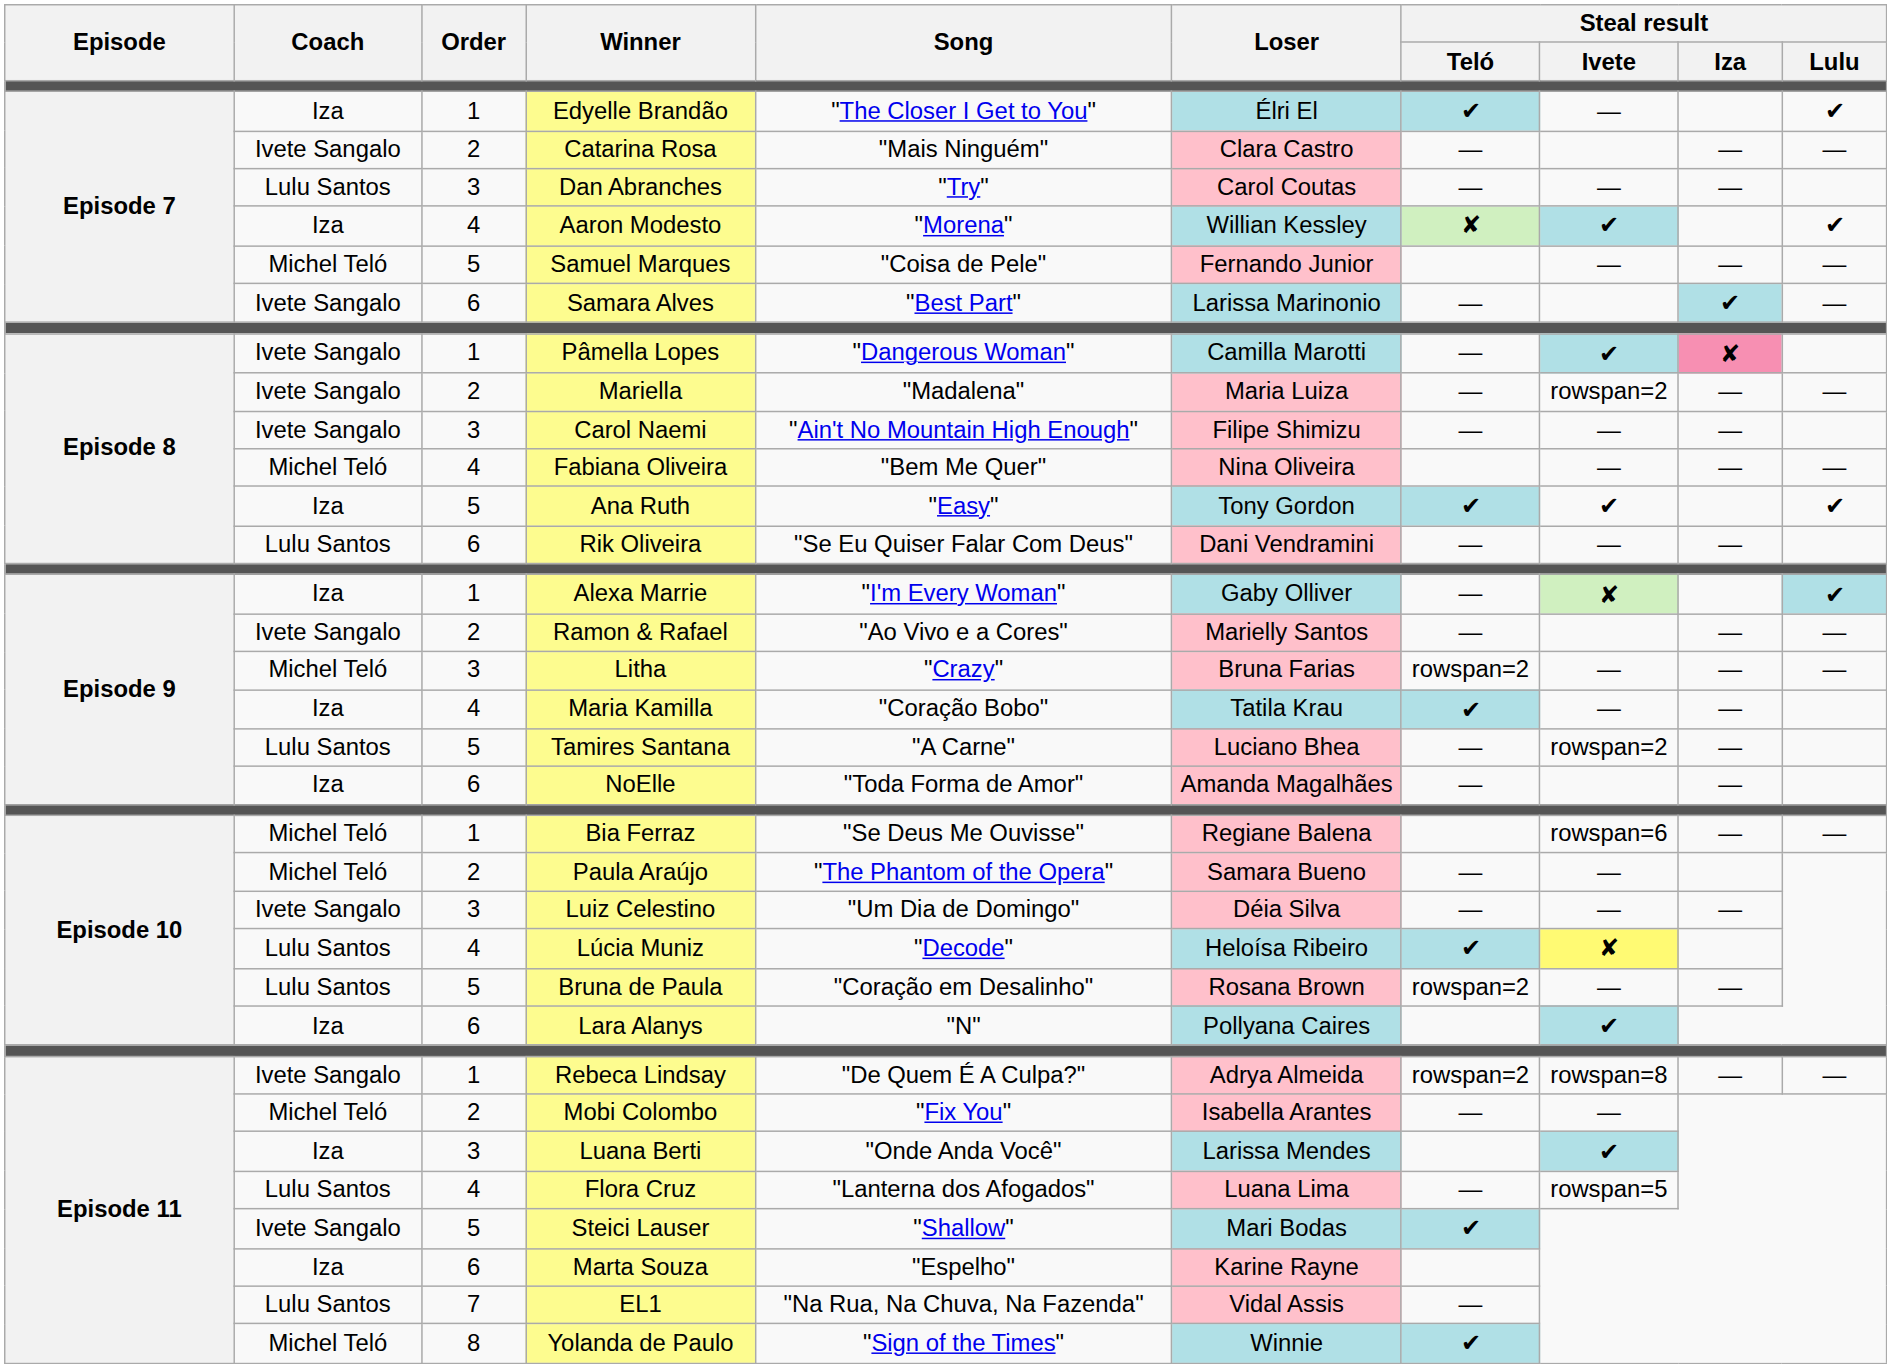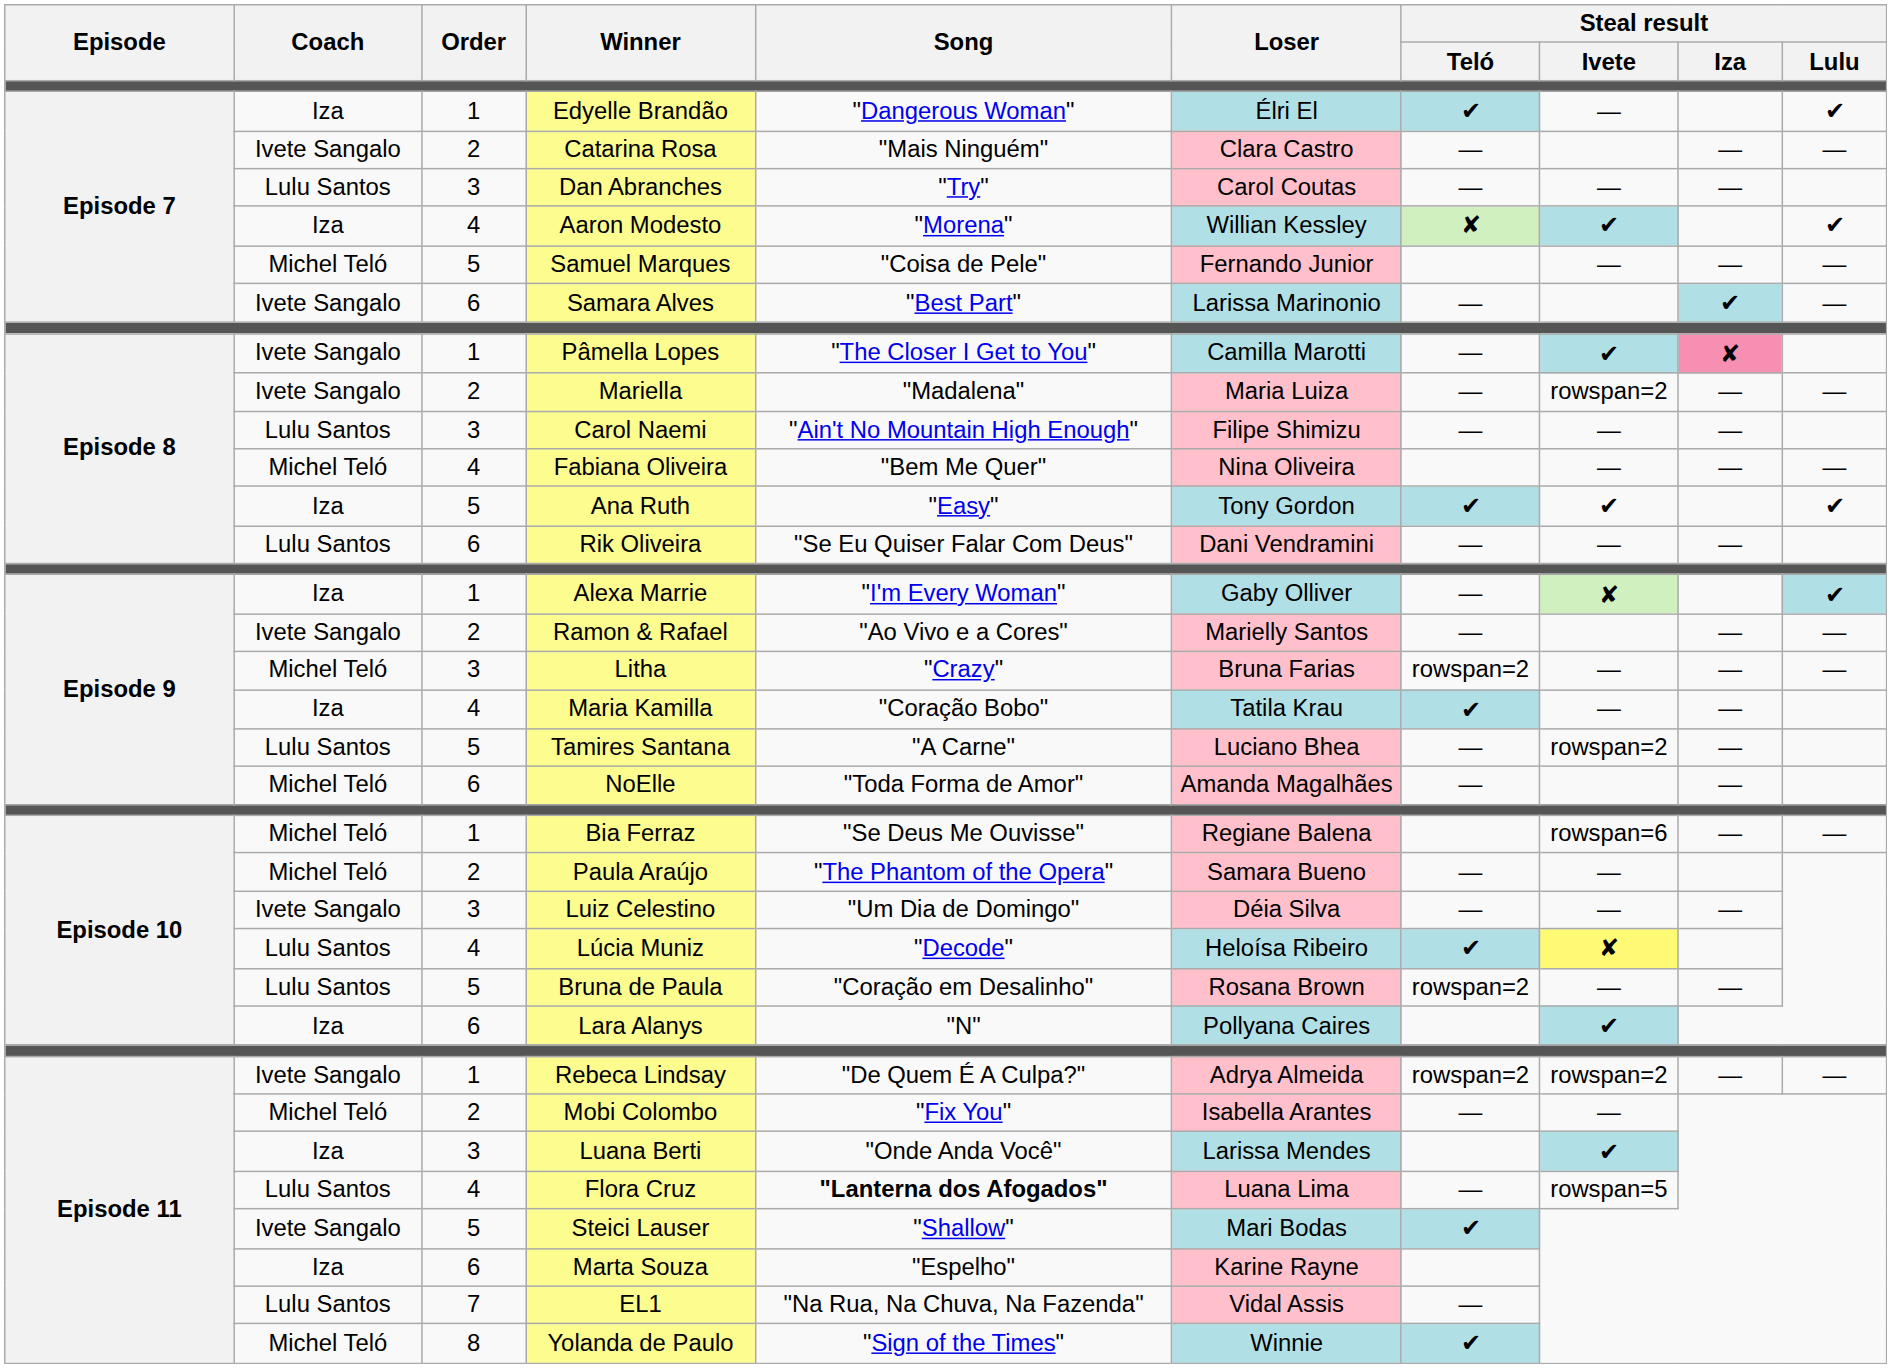 <table class="wikitable" style="text-align:center; width:100%;">
 <tr>
 <th scope="col" width="11%" rowspan=2>Episode</th>
 <th scope="col" width="09%" rowspan=2>Coach</th>
 <th scope="col" width="05%" rowspan=2>Order</th>
 <th scope="col" width="11%" rowspan=2>Winner</th>
 <th scope="col" width="20%" rowspan=2>Song</th>
 <th scope="col" width="11%" rowspan=2>Loser</th>
 <th scope="col" width="20%" colspan=4>Steal result</th>
 </tr>
 <tr>
 <th width="5%" scope="col">Teló</th>
 <th width="5%" scope="col">Ivete</th>
 <th width="5%" scope="col">Iza</th>
 <th width="5%" scope="col">Lulu</th>
 </tr>
 <tr>
 <td colspan=10 style="background:#555;"></td>
 </tr>
 <tr>
 <th rowspan=6>Episode 7<br></th>
 <td>Iza</td>
 <td>1</td>
 <td bgcolor=FDFC8F>Edyelle Brandão</td>
-<td>"<a href='#'>The Closer I Get to You</a>"</td>
+<td>"<a href='#'>Dangerous Woman</a>"</td>
 <td bgcolor=B0E0E6>Élri El</td>
 <td bgcolor=B0E0E6>✔</td>
 <td>—</td>
 <td></td>
 <td>✔</td>
 </tr>
 <tr>
 <td>Ivete Sangalo</td>
 <td>2</td>
 <td bgcolor=FDFC8F>Catarina Rosa</td>
 <td>"Mais Ninguém"</td>
 <td bgcolor=FFC0CB>Clara Castro</td>
 <td>—</td>
 <td></td>
 <td>—</td>
 <td>—</td>
 </tr>
 <tr>
 <td>Lulu Santos</td>
 <td>3</td>
 <td bgcolor=FDFC8F>Dan Abranches</td>
 <td>"<a href='#'>Try</a>"</td>
 <td bgcolor=FFC0CB>Carol Coutas</td>
 <td>—</td>
 <td>—</td>
 <td>—</td>
 <td></td>
 </tr>
 <tr>
 <td>Iza</td>
 <td>4</td>
 <td bgcolor=FDFC8F>Aaron Modesto</td>
 <td>"<a href='#'>Morena</a>"</td>
 <td bgcolor=B0E0E6>Willian Kessley</td>
 <td bgcolor=D0F0C0>✘</td>
 <td bgcolor=B0E0E6>✔</td>
 <td></td>
 <td>✔</td>
 </tr>
 <tr>
 <td>Michel Teló</td>
 <td>5</td>
 <td bgcolor=FDFC8F>Samuel Marques</td>
 <td>"Coisa de Pele"</td>
 <td bgcolor=FFC0CB>Fernando Junior</td>
 <td></td>
 <td>—</td>
 <td>—</td>
 <td>—</td>
 </tr>
 <tr>
 <td>Ivete Sangalo</td>
 <td>6</td>
 <td bgcolor=FDFC8F>Samara Alves</td>
 <td>"<a href='#'>Best Part</a>"</td>
 <td bgcolor=B0E0E6>Larissa Marinonio</td>
 <td>—</td>
 <td></td>
 <td bgcolor=B0E0E6>✔</td>
 <td>—</td>
 </tr>
 <tr>
 <td colspan=10 style="background:#555;"></td>
 </tr>
 <tr>
 <th rowspan=6>Episode 8<br></th>
 <td>Ivete Sangalo</td>
 <td>1</td>
 <td bgcolor=FDFC8F>Pâmella Lopes</td>
-<td>"<a href='#'>Dangerous Woman</a>"</td>
+<td>"<a href='#'>The Closer I Get to You</a>"</td>
 <td bgcolor=B0E0E6>Camilla Marotti</td>
 <td>—</td>
 <td bgcolor=B0E0E6>✔</td>
 <td bgcolor=F78FB2>✘</td>
 <td></td>
 </tr>
 <tr>
 <td>Ivete Sangalo</td>
 <td>2</td>
 <td bgcolor=FDFC8F>Mariella</td>
 <td>"Madalena"</td>
 <td bgcolor=FFC0CB>Maria Luiza</td>
 <td>—</td>
 <td>rowspan=2 </td>
 <td>—</td>
 <td>—</td>
 </tr>
 <tr>
-<td>Ivete Sangalo</td>
+<td>Lulu Santos</td>
 <td>3</td>
 <td bgcolor=FDFC8F>Carol Naemi</td>
 <td>"<a href='#'>Ain't No Mountain High Enough</a>"</td>
 <td bgcolor=FFC0CB>Filipe Shimizu</td>
 <td>—</td>
 <td>—</td>
 <td>—</td>
 </tr>
 <tr>
 <td>Michel Teló</td>
 <td>4</td>
 <td bgcolor=FDFC8F>Fabiana Oliveira</td>
 <td>"Bem Me Quer"</td>
 <td bgcolor=FFC0CB>Nina Oliveira</td>
 <td></td>
 <td>—</td>
 <td>—</td>
 <td>—</td>
 </tr>
 <tr>
 <td>Iza</td>
 <td>5</td>
 <td bgcolor=FDFC8F>Ana Ruth</td>
 <td>"<a href='#'>Easy</a>"</td>
 <td bgcolor=B0E0E6>Tony Gordon</td>
 <td bgcolor=B0E0E6>✔</td>
 <td>✔</td>
 <td></td>
 <td>✔</td>
 </tr>
 <tr>
 <td>Lulu Santos</td>
 <td>6</td>
 <td bgcolor=FDFC8F>Rik Oliveira</td>
 <td>"Se Eu Quiser Falar Com Deus"</td>
 <td bgcolor=FFC0CB>Dani Vendramini</td>
 <td>—</td>
 <td>—</td>
 <td>—</td>
 <td></td>
 </tr>
 <tr>
 <td colspan=10 style="background:#555;"></td>
 </tr>
 <tr>
 <th rowspan=6>Episode 9<br></th>
 <td>Iza</td>
 <td>1</td>
 <td bgcolor=FDFC8F>Alexa Marrie</td>
 <td>"<a href='#'>I'm Every Woman</a>"</td>
 <td bgcolor=B0E0E6>Gaby Olliver</td>
 <td>—</td>
 <td bgcolor=D0F0C0>✘</td>
 <td></td>
 <td bgcolor=B0E0E6>✔</td>
 </tr>
 <tr>
 <td>Ivete Sangalo</td>
 <td>2</td>
 <td bgcolor=FDFC8F>Ramon & Rafael</td>
 <td>"Ao Vivo e a Cores"</td>
 <td bgcolor=FFC0CB>Marielly Santos</td>
 <td>—</td>
 <td></td>
 <td>—</td>
 <td>—</td>
 </tr>
 <tr>
 <td>Michel Teló</td>
 <td>3</td>
 <td bgcolor=FDFC8F>Litha</td>
 <td>"<a href='#'>Crazy</a>"</td>
 <td bgcolor=FFC0CB>Bruna Farias</td>
 <td>rowspan=2 </td>
 <td>—</td>
 <td>—</td>
 <td>—</td>
 </tr>
 <tr>
 <td>Iza</td>
 <td>4</td>
 <td bgcolor=FDFC8F>Maria Kamilla</td>
 <td>"Coração Bobo"</td>
 <td bgcolor=B0E0E6>Tatila Krau</td>
 <td bgcolor=B0E0E6>✔</td>
 <td>—</td>
 <td>—</td>
 </tr>
 <tr>
 <td>Lulu Santos</td>
 <td>5</td>
 <td bgcolor=FDFC8F>Tamires Santana</td>
 <td>"A Carne"</td>
 <td bgcolor=FFC0CB>Luciano Bhea</td>
 <td>—</td>
 <td>rowspan=2 </td>
 <td>—</td>
 <td></td>
 </tr>
 <tr>
-<td>Iza</td>
+<td>Michel Teló</td>
 <td>6</td>
 <td bgcolor=FDFC8F>NoElle</td>
 <td>"Toda Forma de Amor"</td>
 <td bgcolor=FFC0CB>Amanda Magalhães</td>
 <td>—</td>
 <td></td>
 <td>—</td>
 </tr>
 <tr>
 <td colspan=10 style="background:#555;"></td>
 </tr>
 <tr>
 <th rowspan=6>Episode 10<br></th>
 <td>Michel Teló</td>
 <td>1</td>
 <td bgcolor=FDFC8F>Bia Ferraz</td>
 <td>"Se Deus Me Ouvisse"</td>
 <td bgcolor=FFC0CB>Regiane Balena</td>
 <td></td>
 <td>rowspan=6 </td>
 <td>—</td>
 <td>—</td>
 </tr>
 <tr>
 <td>Michel Teló</td>
 <td>2</td>
 <td bgcolor=FDFC8F>Paula Araújo</td>
 <td>"<a href='#'>The Phantom of the Opera</a>"</td>
 <td bgcolor=FFC0CB>Samara Bueno</td>
 <td>—</td>
 <td>—</td>
 <td></td>
 </tr>
 <tr>
 <td>Ivete Sangalo</td>
 <td>3</td>
 <td bgcolor=FDFC8F>Luiz Celestino</td>
 <td>"Um Dia de Domingo"</td>
 <td bgcolor=FFC0CB>Déia Silva</td>
 <td>—</td>
 <td>—</td>
 <td>—</td>
 </tr>
 <tr>
 <td>Lulu Santos</td>
 <td>4</td>
 <td bgcolor=FDFC8F>Lúcia Muniz</td>
 <td>"<a href='#'>Decode</a>"</td>
 <td bgcolor=B0E0E6>Heloísa Ribeiro</td>
 <td bgcolor=B0E0E6>✔</td>
 <td bgcolor=FFFA73>✘</td>
 <td></td>
 </tr>
 <tr>
 <td>Lulu Santos</td>
 <td>5</td>
 <td bgcolor=FDFC8F>Bruna de Paula</td>
 <td>"Coração em Desalinho"</td>
 <td bgcolor=FFC0CB>Rosana Brown</td>
 <td>rowspan=2 </td>
 <td>—</td>
 <td>—</td>
 </tr>
 <tr>
 <td>Iza</td>
 <td>6</td>
 <td bgcolor=FDFC8F>Lara Alanys</td>
 <td>"N"</td>
 <td bgcolor=B0E0E6>Pollyana Caires</td>
 <td></td>
 <td bgcolor=B0E0E6>✔</td>
 </tr>
 <tr>
 <td colspan=10 style="background:#555;"></td>
 </tr>
 <tr>
 <th rowspan=8>Episode 11<br></th>
 <td>Ivete Sangalo</td>
 <td>1</td>
 <td bgcolor=FDFC8F>Rebeca Lindsay</td>
 <td>"De Quem É A Culpa?"</td>
 <td bgcolor=FFC0CB>Adrya Almeida</td>
 <td>rowspan=2 </td>
-<td>rowspan=8 </td>
+<td>rowspan=2 </td>
 <td>—</td>
 <td>—</td>
 </tr>
 <tr>
 <td>Michel Teló</td>
 <td>2</td>
 <td bgcolor=FDFC8F>Mobi Colombo</td>
 <td>"<a href='#'>Fix You</a>"</td>
 <td bgcolor=FFC0CB>Isabella Arantes</td>
 <td>—</td>
 <td>—</td>
 </tr>
 <tr>
 <td>Iza</td>
 <td>3</td>
 <td bgcolor=FDFC8F>Luana Berti</td>
 <td>"Onde Anda Você"</td>
 <td bgcolor=B0E0E6>Larissa Mendes</td>
 <td></td>
 <td bgcolor=B0E0E6>✔</td>
 </tr>
 <tr>
 <td>Lulu Santos</td>
 <td>4</td>
 <td bgcolor=FDFC8F>Flora Cruz</td>
-<td>"Lanterna dos Afogados"</td>
+<td><strong>"Lanterna dos Afogados"</strong></td>
 <td bgcolor=FFC0CB>Luana Lima</td>
 <td>—</td>
 <td>rowspan=5 </td>
 </tr>
 <tr>
 <td>Ivete Sangalo</td>
 <td>5</td>
 <td bgcolor=FDFC8F>Steici Lauser</td>
 <td>"<a href='#'>Shallow</a>"</td>
 <td bgcolor=B0E0E6>Mari Bodas</td>
 <td bgcolor=B0E0E6>✔</td>
 </tr>
 <tr>
 <td>Iza</td>
 <td>6</td>
 <td bgcolor=FDFC8F>Marta Souza</td>
 <td>"Espelho"</td>
 <td bgcolor=FFC0CB>Karine Rayne</td>
 <td></td>
 </tr>
 <tr>
 <td>Lulu Santos</td>
 <td>7</td>
 <td bgcolor=FDFC8F>EL1</td>
 <td>"Na Rua, Na Chuva, Na Fazenda"</td>
 <td bgcolor=FFC0CB>Vidal Assis</td>
 <td>—</td>
 </tr>
 <tr>
 <td>Michel Teló</td>
 <td>8</td>
 <td bgcolor=FDFC8F>Yolanda de Paulo</td>
 <td>"<a href='#'>Sign of the Times</a>"</td>
 <td bgcolor=B0E0E6>Winnie</td>
 <td bgcolor=B0E0E6>✔</td>
 </tr>
 <tr>
 </tr>
 </table>
